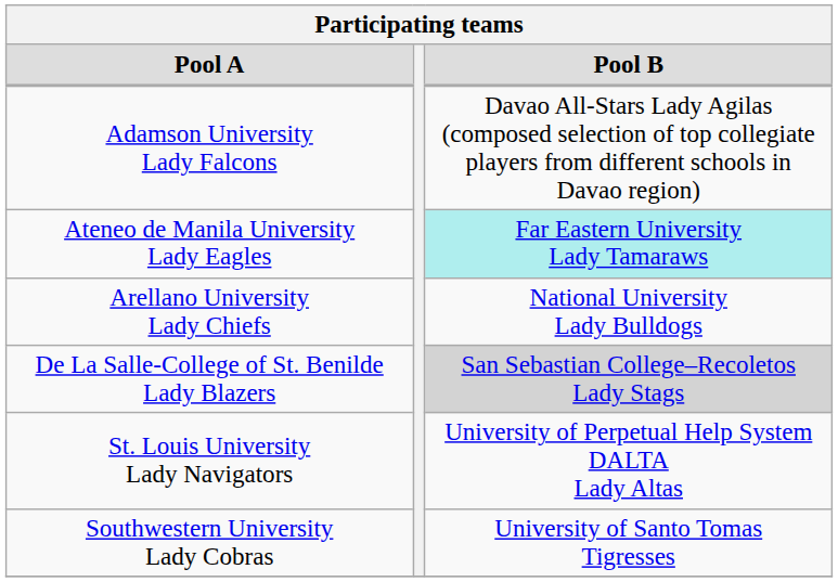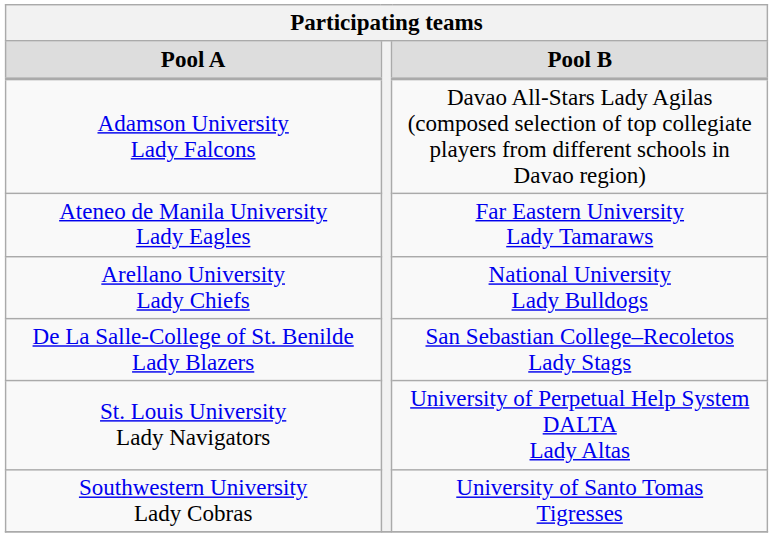 <table class="wikitable" style="margin:1em auto; text-align:center;" width="60%">
 <tr>
 <th colspan="3">Participating teams</th>
 </tr>
 <tr>
 <td style="background:#dddddd; border-bottom: 2px solid #aaaaaa;" width="48%"><strong>Pool A</strong></td>
 <th rowspan="7" width="1%"></th>
 <td style="background:#dddddd; border-bottom: 2px solid #aaaaaa;" width="48%"><strong>Pool B</strong></td>
 </tr>
 <tr>
 <td> <a href='#'>Adamson University</a> <br><a href='#'>Lady Falcons</a></td>
 <td> Davao All-Stars Lady Agilas (composed  selection of top collegiate players from different schools in Davao region)</td>
 </tr>
 <tr>
 <td> <a href='#'>Ateneo de Manila University</a> <br><a href='#'>Lady Eagles</a></td>
-<td style="background: paleturquoise;"> <a href='#'>Far Eastern University</a> <br><a href='#'>Lady Tamaraws</a></td>
+<td> <a href='#'>Far Eastern University</a> <br><a href='#'>Lady Tamaraws</a></td>
 </tr>
 <tr>
 <td> <a href='#'>Arellano University</a> <br><a href='#'>Lady Chiefs</a></td>
 <td> <a href='#'>National University</a> <br><a href='#'>Lady Bulldogs</a></td>
 </tr>
 <tr>
 <td> <a href='#'>De La Salle-College of St. Benilde</a> <br><a href='#'>Lady Blazers</a></td>
-<td style="background: lightgrey;"> <a href='#'>San Sebastian College–Recoletos</a> <br><a href='#'>Lady Stags</a></td>
+<td> <a href='#'>San Sebastian College–Recoletos</a> <br><a href='#'>Lady Stags</a></td>
 </tr>
 <tr>
 <td> <a href='#'>St. Louis University</a> <br>Lady Navigators</td>
 <td> <a href='#'>University of Perpetual Help System DALTA</a> <br><a href='#'>Lady Altas</a></td>
 </tr>
 <tr>
 <td> <a href='#'>Southwestern University</a> <br>Lady Cobras</td>
 <td> <a href='#'>University of Santo Tomas</a> <br><a href='#'>Tigresses</a></td>
 </tr>
 <tr>
 </tr>
 </table>
